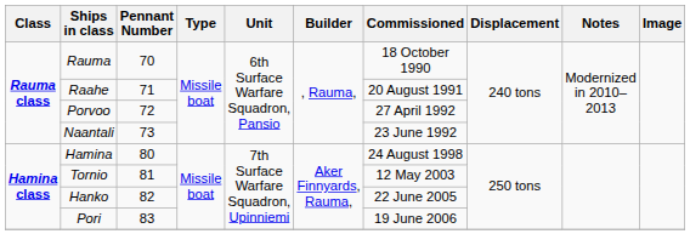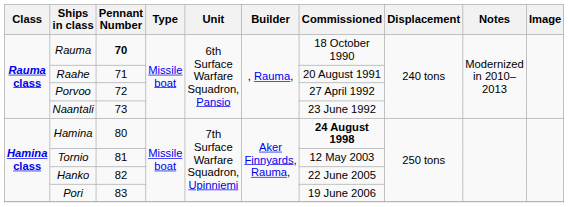 <table class="wikitable" border="1" style="width:100%; text-align:center;">
 <tr>
 <th width="10%">Class</th>
 <th width="10%">Ships in class</th>
 <th width="5%">Pennant Number</th>
 <th>Type</th>
 <th width="15%">Unit</th>
 <th width="15%">Builder</th>
 <th width="15%">Commissioned</th>
 <th>Displacement</th>
 <th width="15%">Notes</th>
 <th width="80px">Image</th>
 </tr>
 <tr>
 <td rowspan="4"><strong><a href='#'><em>Rauma</em> class</a></strong></td>
 <td><em>Rauma</em></td>
-<td>70</td>
+<td><strong>70</strong></td>
 <td rowspan="4"><a href='#'>Missile boat</a></td>
 <td rowspan="4">6th Surface Warfare Squadron, <a href='#'>Pansio</a></td>
 <td rowspan="4">, <a href='#'>Rauma</a>, </td>
 <td>18 October 1990</td>
 <td rowspan="4">240 tons</td>
 <td rowspan="4">Modernized in 2010–2013</td>
 <td rowspan="4"></td>
 </tr>
 <tr>
 <td><em>Raahe</em></td>
 <td>71</td>
 <td>20 August 1991</td>
 </tr>
 <tr>
 <td><em>Porvoo</em></td>
 <td>72</td>
 <td>27 April 1992</td>
 </tr>
 <tr>
 <td><em>Naantali</em></td>
 <td>73</td>
 <td>23 June 1992</td>
 </tr>
 <tr>
 <td rowspan="4"><strong><a href='#'><em>Hamina</em> class</a></strong></td>
 <td><em>Hamina</em></td>
 <td>80</td>
 <td rowspan="4"><a href='#'>Missile boat</a></td>
 <td rowspan="4">7th Surface Warfare Squadron, <a href='#'>Upinniemi</a></td>
 <td rowspan="4"><a href='#'>Aker Finnyards</a>, <a href='#'>Rauma</a>, </td>
-<td>24 August 1998</td>
+<td><strong>24 August 1998</strong></td>
 <td rowspan="4">250 tons</td>
 <td rowspan="4"></td>
 <td rowspan="4"></td>
 </tr>
 <tr>
 <td><em>Tornio</em></td>
 <td>81</td>
 <td>12 May 2003</td>
 </tr>
 <tr>
 <td><em>Hanko</em></td>
 <td>82</td>
 <td>22 June 2005</td>
 </tr>
 <tr>
 <td><em>Pori</em></td>
 <td>83</td>
 <td>19 June 2006</td>
 </tr>
 <tr>
 </tr>
 </table>
